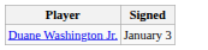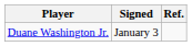 <table class="wikitable sortable sortable" style="text-align: center">
 <tr>
 <th>Player</th>
 <th>Signed</th>
+<th>Ref.</th>
 </tr>
 <tr>
 <td><a href='#'>Duane Washington Jr.</a></td>
 <td>January 3</td>
+<td></td>
 </tr>
 </table>
